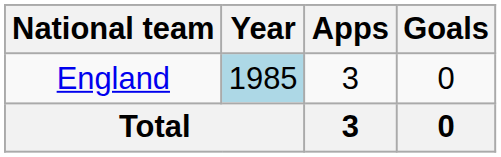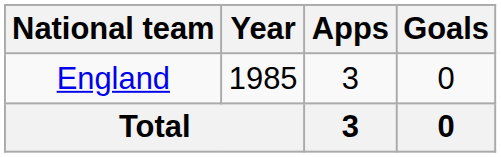 <table class="wikitable" style="text-align:center">
 <tr>
 <th>National team</th>
 <th>Year</th>
 <th>Apps</th>
 <th>Goals</th>
 </tr>
 <tr>
 <td><a href='#'>England</a></td>
-<td style="background: lightblue;">1985</td>
+<td>1985</td>
 <td>3</td>
 <td>0</td>
 </tr>
 <tr>
 <th colspan="2">Total</th>
 <th>3</th>
 <th>0</th>
 </tr>
 </table>
